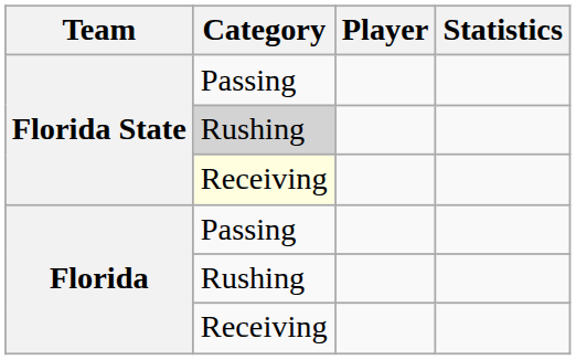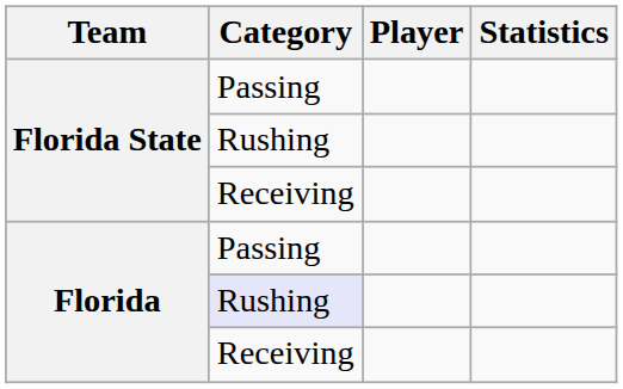 <table class="wikitable" style="float:right">
 <tr>
 <th>Team</th>
 <th>Category</th>
 <th>Player</th>
 <th>Statistics</th>
 </tr>
 <tr>
 <th rowspan=3>Florida State</th>
 <td>Passing</td>
 <td></td>
 <td></td>
 </tr>
 <tr>
-<td style="background: lightgrey;">Rushing</td>
+<td>Rushing</td>
 <td></td>
 <td></td>
 </tr>
 <tr>
-<td style="background: lightyellow;">Receiving</td>
+<td>Receiving</td>
 <td></td>
 <td></td>
 </tr>
 <tr>
 <th rowspan=3>Florida</th>
 <td>Passing</td>
 <td></td>
 <td></td>
 </tr>
 <tr>
-<td>Rushing</td>
+<td style="background: lavender;">Rushing</td>
 <td></td>
 <td></td>
 </tr>
 <tr>
 <td>Receiving</td>
 <td></td>
 <td></td>
 </tr>
 </table>
